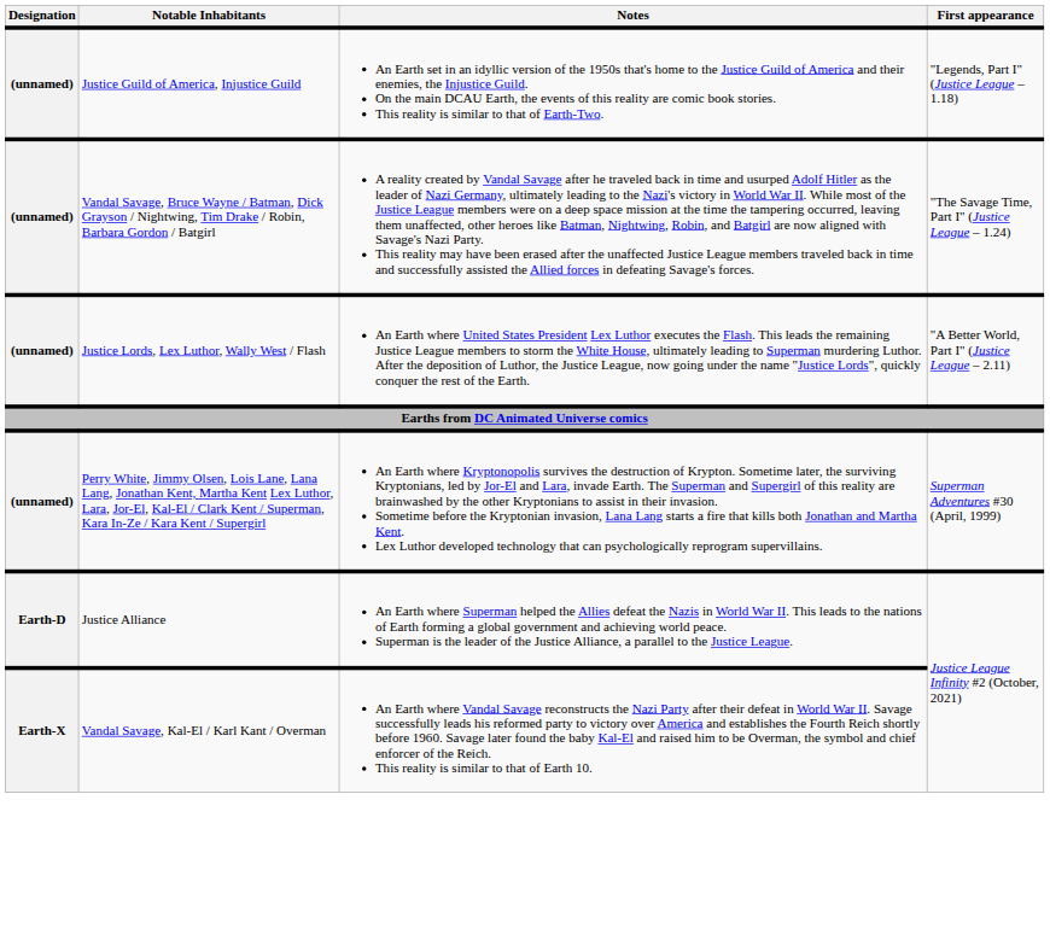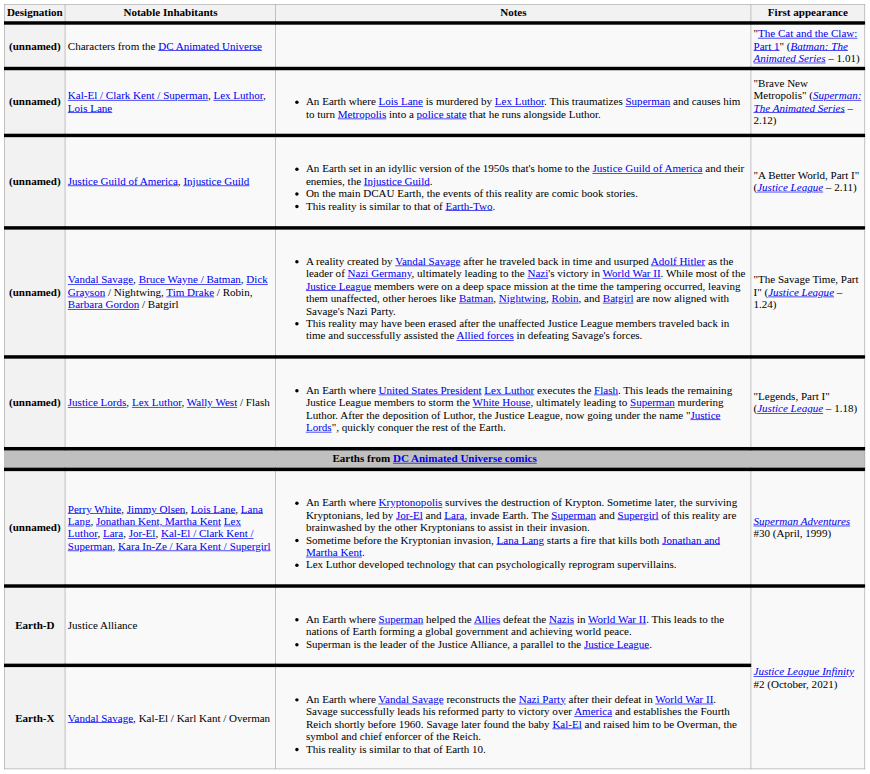 <table class="wikitable">
 <tr>
 <th>Designation</th>
 <th>Notable Inhabitants</th>
 <th>Notes</th>
 <th>First appearance</th>
 </tr>
 <tr style="border-top: solid thick black">
 <th>(unnamed)</th>
+<td>Characters from the <a href='#'>DC Animated Universe</a></td>
+<td></td>
+<td>"<a href='#'>The Cat and the Claw: Part 1</a>" (<em><a href='#'>Batman: The Animated Series</a></em> – 1.01)</td>
+</tr>
+<tr style="border-top: solid thick black">
+<th>(unnamed)</th>
+<td><a href='#'>Kal-El / Clark Kent / Superman</a>, <a href='#'>Lex Luthor</a>, <a href='#'>Lois Lane</a></td>
+<td><br><ul><li>An Earth where <a href='#'>Lois Lane</a> is murdered by <a href='#'>Lex Luthor</a>. This traumatizes <a href='#'>Superman</a> and causes him to turn <a href='#'>Metropolis</a> into a <a href='#'>police state</a> that he runs alongside Luthor.</li></ul></td>
+<td>"Brave New Metropolis" (<em><a href='#'>Superman: The Animated Series</a></em> – 2.12)</td>
+</tr>
+<tr style="border-top: solid thick black">
+<th>(unnamed)</th>
 <td><a href='#'>Justice Guild of America</a>, <a href='#'>Injustice Guild</a></td>
 <td><br><ul><li>An Earth set in an idyllic version of the 1950s that's home to the <a href='#'>Justice Guild of America</a> and their enemies, the <a href='#'>Injustice Guild</a>.</li><li>On the main DCAU Earth, the events of this reality are comic book stories.</li><li>This reality is similar to that of <a href='#'>Earth-Two</a>.</li></ul></td>
-<td>"Legends, Part I" (<em><a href='#'>Justice League</a></em> – 1.18)</td>
+<td>"A Better World, Part I" (<em><a href='#'>Justice League</a></em> – 2.11)</td>
 </tr>
 <tr style="border-top: solid thick black">
 <th>(unnamed)</th>
 <td><a href='#'>Vandal Savage</a>, <a href='#'>Bruce Wayne / Batman</a>, <a href='#'>Dick Grayson</a> / Nightwing, <a href='#'>Tim Drake</a> / Robin, <a href='#'>Barbara Gordon</a> / Batgirl</td>
 <td><br><ul><li>A reality created by <a href='#'>Vandal Savage</a> after he traveled back in time and usurped <a href='#'>Adolf Hitler</a> as the leader of <a href='#'>Nazi Germany</a>, ultimately leading to the <a href='#'>Nazi</a>'s victory in <a href='#'>World War II</a>. While most of the <a href='#'>Justice League</a> members were on a deep space mission at the time the tampering occurred, leaving them unaffected, other heroes like <a href='#'>Batman</a>, <a href='#'>Nightwing</a>, <a href='#'>Robin</a>, and <a href='#'>Batgirl</a> are now aligned with Savage's Nazi Party.</li><li>This reality may have been erased after the unaffected Justice League members traveled back in time and successfully assisted the <a href='#'>Allied forces</a> in defeating Savage's forces.</li></ul></td>
 <td>"The Savage Time, Part I" (<em><a href='#'>Justice League</a></em> – 1.24)</td>
 </tr>
 <tr style="border-top: solid thick black">
 <th>(unnamed)</th>
 <td><a href='#'>Justice Lords</a>, <a href='#'>Lex Luthor</a>, <a href='#'>Wally West</a> / Flash</td>
 <td><br><ul><li>An Earth where <a href='#'>United States President</a> <a href='#'>Lex Luthor</a> executes the <a href='#'>Flash</a>. This leads the remaining Justice League members to storm the <a href='#'>White House</a>, ultimately leading to <a href='#'>Superman</a> murdering Luthor. After the deposition of Luthor, the Justice League, now going under the name "<a href='#'>Justice Lords</a>", quickly conquer the rest of the Earth.</li></ul></td>
-<td>"A Better World, Part I" (<em><a href='#'>Justice League</a></em> – 2.11)</td>
+<td>"Legends, Part I" (<em><a href='#'>Justice League</a></em> – 1.18)</td>
 </tr>
 <tr style="border-top: solid thick black">
 <td colspan="4" style="text-align:center; background:#C0C0C0"><strong>Earths from <a href='#'>DC Animated Universe comics</a></strong></td>
 </tr>
 <tr style="border-top: solid thick black">
 <th>(unnamed)</th>
 <td><a href='#'>Perry White</a>, <a href='#'>Jimmy Olsen</a>, <a href='#'>Lois Lane</a>, <a href='#'>Lana Lang</a>, <a href='#'>Jonathan Kent, Martha Kent</a> <a href='#'>Lex Luthor</a>, <a href='#'>Lara</a>, <a href='#'>Jor-El</a>, <a href='#'>Kal-El / Clark Kent / Superman</a>, <a href='#'>Kara In-Ze / Kara Kent / Supergirl</a></td>
 <td><br><ul><li>An Earth where <a href='#'>Kryptonopolis</a> survives the destruction of Krypton. Sometime later, the surviving Kryptonians, led by <a href='#'>Jor-El</a> and <a href='#'>Lara</a>, invade Earth. The <a href='#'>Superman</a> and <a href='#'>Supergirl</a> of this reality are brainwashed by the other Kryptonians to assist in their invasion.</li><li>Sometime before the Kryptonian invasion, <a href='#'>Lana Lang</a> starts a fire that kills both <a href='#'>Jonathan and Martha Kent</a>.</li><li>Lex Luthor developed technology that can psychologically reprogram supervillains.</li></ul></td>
 <td><em><a href='#'>Superman Adventures</a></em> #30 (April, 1999)</td>
 </tr>
 <tr style="border-top: solid thick black">
 <th>Earth-D</th>
 <td>Justice Alliance</td>
 <td><br><ul><li>An Earth where <a href='#'>Superman</a> helped the <a href='#'>Allies</a> defeat the <a href='#'>Nazis</a> in <a href='#'>World War II</a>. This leads to the nations of Earth forming a global government and achieving world peace.</li><li>Superman is the leader of the Justice Alliance, a parallel to the <a href='#'>Justice League</a>.</li></ul></td>
 <td rowspan="2"><em><a href='#'>Justice League Infinity</a></em> #2 (October, 2021)</td>
 </tr>
 <tr style="border-top: solid thick black">
 <th>Earth-X</th>
 <td><a href='#'>Vandal Savage</a>, Kal-El / Karl Kant / Overman</td>
 <td><br><ul><li>An Earth where <a href='#'>Vandal Savage</a> reconstructs the <a href='#'>Nazi Party</a> after their defeat in <a href='#'>World War II</a>. Savage successfully leads his reformed party to victory over <a href='#'>America</a> and establishes the Fourth Reich shortly before 1960. Savage later found the baby <a href='#'>Kal-El</a> and raised him to be Overman, the symbol and chief enforcer of the Reich.</li><li>This reality is similar to that of Earth 10.</li></ul></td>
 </tr>
 </table>
